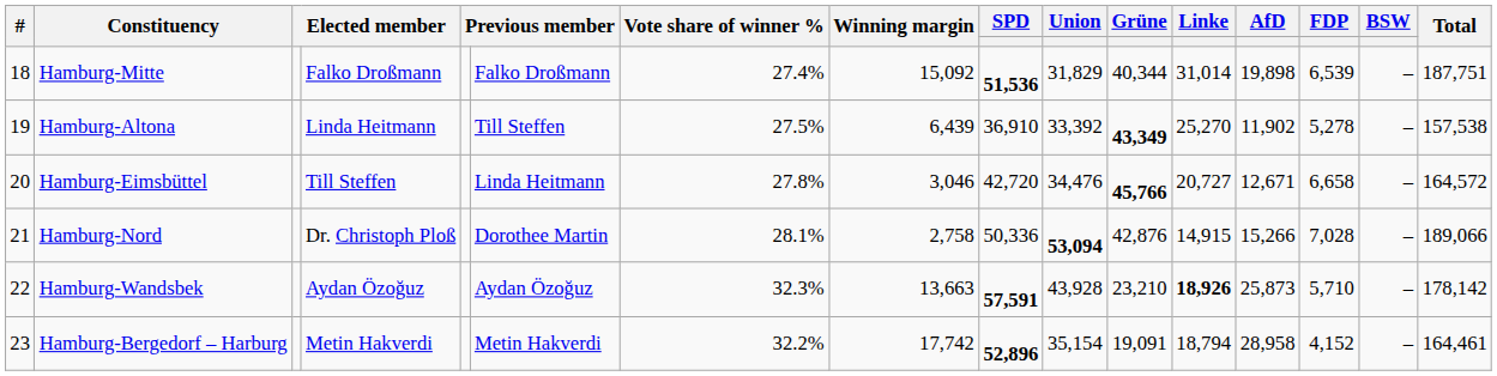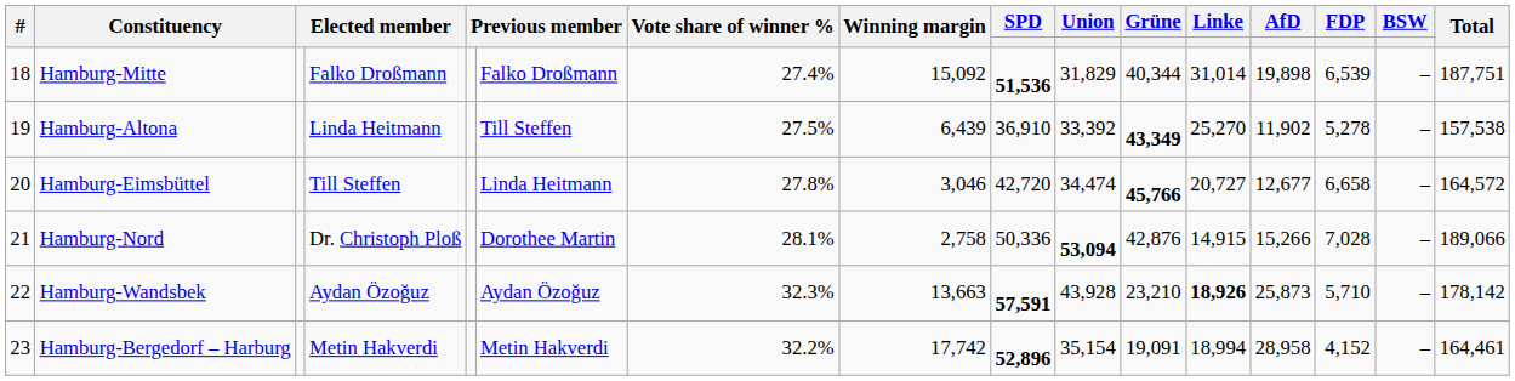 <table class="wikitable sortable" style="text-align:right">
 <tr>
 <th rowspan="2">#</th>
 <th rowspan="2">Constituency</th>
 <th rowspan="2" colspan="2">Elected member</th>
 <th rowspan="2" colspan="2">Previous member</th>
 <th rowspan="2">Vote share of winner %</th>
 <th rowspan="2">Winning margin</th>
 <th class="wikitable sortable" style="width:40px;"><a href='#'>SPD</a></th>
 <th class="wikitable sortable" style="width:40px;"><a href='#'>Union</a></th>
 <th class="wikitable sortable" style="width:40px;"><a href='#'>Grüne</a></th>
 <th class="wikitable sortable" style="width:40px;"><a href='#'>Linke</a></th>
 <th class="wikitable sortable" style="width:40px;"><a href='#'>AfD</a></th>
 <th class="wikitable sortable" style="width:40px;"><a href='#'>FDP</a></th>
 <th class="wikitable sortable" style="width:40px;"><a href='#'>BSW</a></th>
 <th class="wikitable sortable" style="width:40px;" rowspan="2">Total</th>
 </tr>
 <tr>
 <th class="wikitable sortable" style="background:"></th>
 <th class="wikitable sortable" style="background:"></th>
 <th class="wikitable sortable" style="background:"></th>
 <th class="wikitable sortable" style="background:"></th>
 <th class="wikitable sortable" style="background:"></th>
 <th class="wikitable sortable" style="background:"></th>
 <th class="wikitable sortable" style="background:"></th>
 </tr>
 <tr>
 <td>18</td>
 <td align=left><a href='#'>Hamburg-Mitte</a></td>
 <td bgcolor=></td>
 <td align=left><a href='#'>Falko Droßmann</a></td>
 <td bgcolor=></td>
 <td align=left><a href='#'>Falko Droßmann</a></td>
 <td>27.4%</td>
 <td>15,092</td>
 <td><br><strong>51,536</strong></td>
 <td>31,829</td>
 <td>40,344</td>
 <td>31,014</td>
 <td>19,898</td>
 <td>6,539</td>
 <td>–</td>
 <td>187,751</td>
 </tr>
 <tr>
 <td>19</td>
 <td align=left><a href='#'>Hamburg-Altona</a></td>
 <td bgcolor=></td>
 <td align=left><a href='#'>Linda Heitmann</a></td>
 <td bgcolor=></td>
 <td align=left><a href='#'>Till Steffen</a></td>
 <td>27.5%</td>
 <td>6,439</td>
 <td>36,910</td>
 <td>33,392</td>
 <td><br><strong>43,349</strong></td>
 <td>25,270</td>
 <td>11,902</td>
 <td>5,278</td>
 <td>–</td>
 <td>157,538</td>
 </tr>
 <tr>
 <td>20</td>
 <td align=left><a href='#'>Hamburg-Eimsbüttel</a></td>
 <td bgcolor=></td>
 <td align=left><a href='#'>Till Steffen</a></td>
 <td bgcolor=></td>
 <td align=left><a href='#'>Linda Heitmann</a></td>
 <td>27.8%</td>
 <td>3,046</td>
 <td>42,720</td>
-<td>34,476</td>
+<td>34,474</td>
 <td><br><strong>45,766</strong></td>
 <td>20,727</td>
-<td>12,671</td>
+<td>12,677</td>
 <td>6,658</td>
 <td>–</td>
 <td>164,572</td>
 </tr>
 <tr>
 <td>21</td>
 <td align=left><a href='#'>Hamburg-Nord</a></td>
 <td bgcolor=></td>
 <td align=left>Dr. <a href='#'>Christoph Ploß</a></td>
 <td bgcolor=></td>
 <td align=left><a href='#'>Dorothee Martin</a></td>
 <td>28.1%</td>
 <td>2,758</td>
 <td>50,336</td>
 <td><br><strong>53,094</strong></td>
 <td>42,876</td>
 <td>14,915</td>
 <td>15,266</td>
 <td>7,028</td>
 <td>–</td>
 <td>189,066</td>
 </tr>
 <tr>
 <td>22</td>
 <td align=left><a href='#'>Hamburg-Wandsbek</a></td>
 <td bgcolor=></td>
 <td align=left><a href='#'>Aydan Özoğuz</a></td>
 <td bgcolor=></td>
 <td align=left><a href='#'>Aydan Özoğuz</a></td>
 <td>32.3%</td>
 <td>13,663</td>
 <td><br><strong>57,591</strong></td>
 <td>43,928</td>
 <td>23,210</td>
 <td><strong>18,926</strong></td>
 <td>25,873</td>
 <td>5,710</td>
 <td>–</td>
 <td>178,142</td>
 </tr>
 <tr>
 <td>23</td>
 <td align=left><a href='#'>Hamburg-Bergedorf – Harburg</a></td>
 <td bgcolor=></td>
 <td align=left><a href='#'>Metin Hakverdi</a></td>
 <td bgcolor=></td>
 <td align=left><a href='#'>Metin Hakverdi</a></td>
 <td>32.2%</td>
 <td>17,742</td>
 <td><br><strong>52,896</strong></td>
 <td>35,154</td>
 <td>19,091</td>
-<td>18,794</td>
+<td>18,994</td>
 <td>28,958</td>
 <td>4,152</td>
 <td>–</td>
 <td>164,461</td>
 </tr>
 </table>
